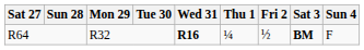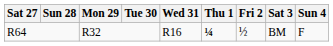 <table class="wikitable olympic-schedule tennis">
 <tr>
 <th>Sat 27</th>
 <th>Sun 28</th>
 <th>Mon 29</th>
 <th>Tue 30</th>
 <th>Wed 31</th>
 <th>Thu 1</th>
 <th colspan=2>Fri 2</th>
 <th>Sat 3</th>
 <th colspan=2>Sun 4</th>
 </tr>
 <tr>
 <td colspan=2 class="prelims">R64</td>
 <td colspan=2 class="prelims">R32</td>
-<td class="prelims"><strong>R16</strong></td>
-<td class="quarterfinals">¼</td>
+<td class="prelims">R16</td>
+<td class="quarterfinals"><strong>¼</strong></td>
 <td colspan=2 class="semifinals">½</td>
-<td class="final"><strong>BM</strong></td>
+<td class="final">BM</td>
 <td colspan=2 class="final">F</td>
 </tr>
 </table>
